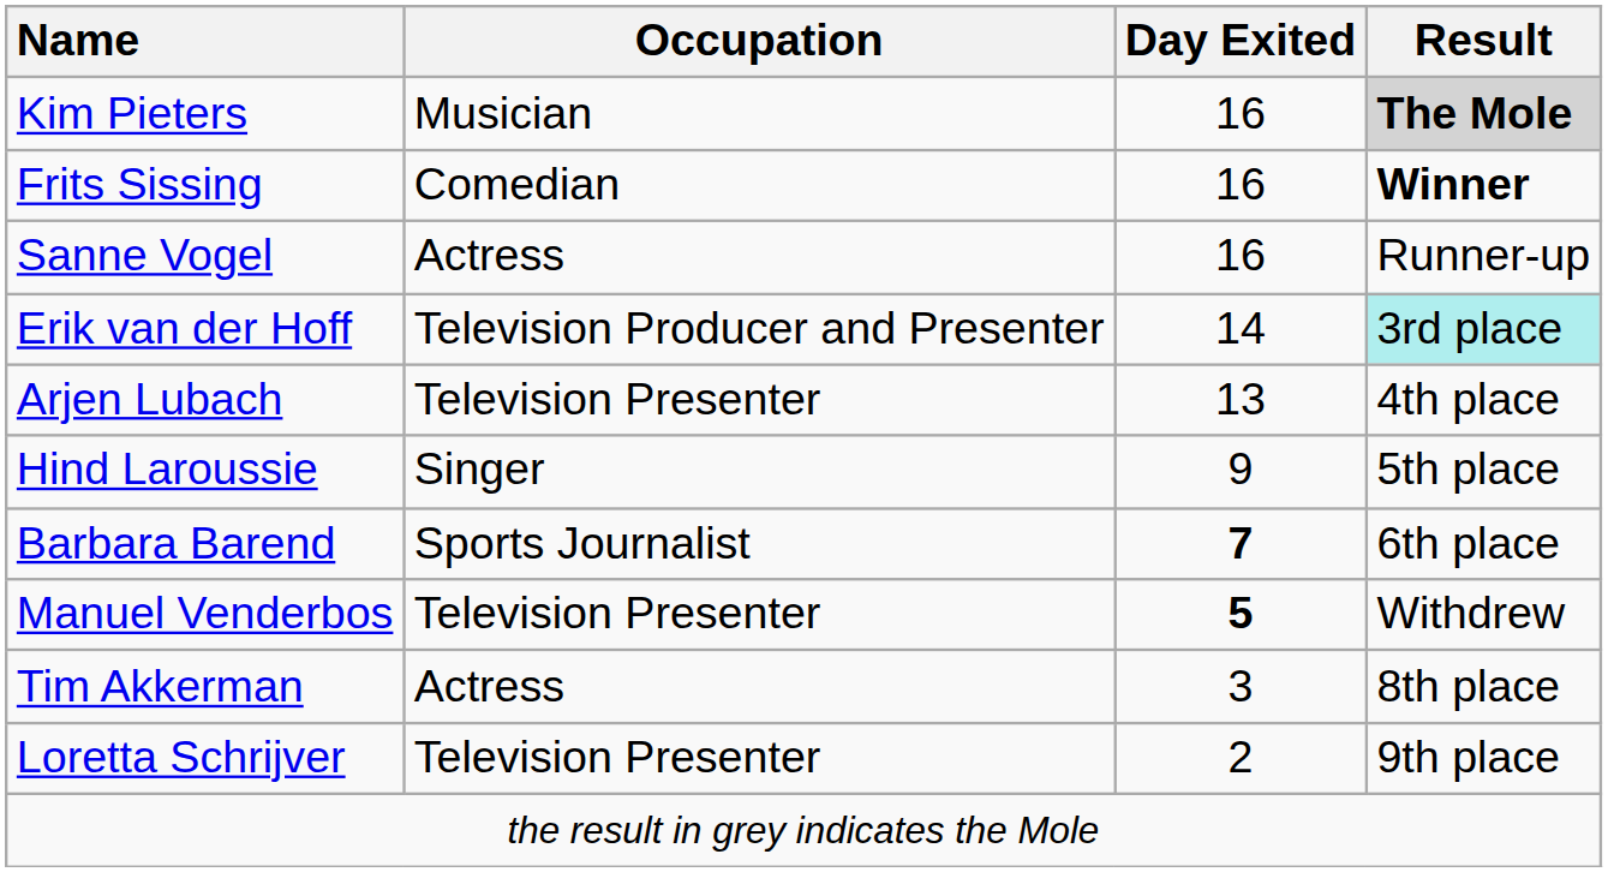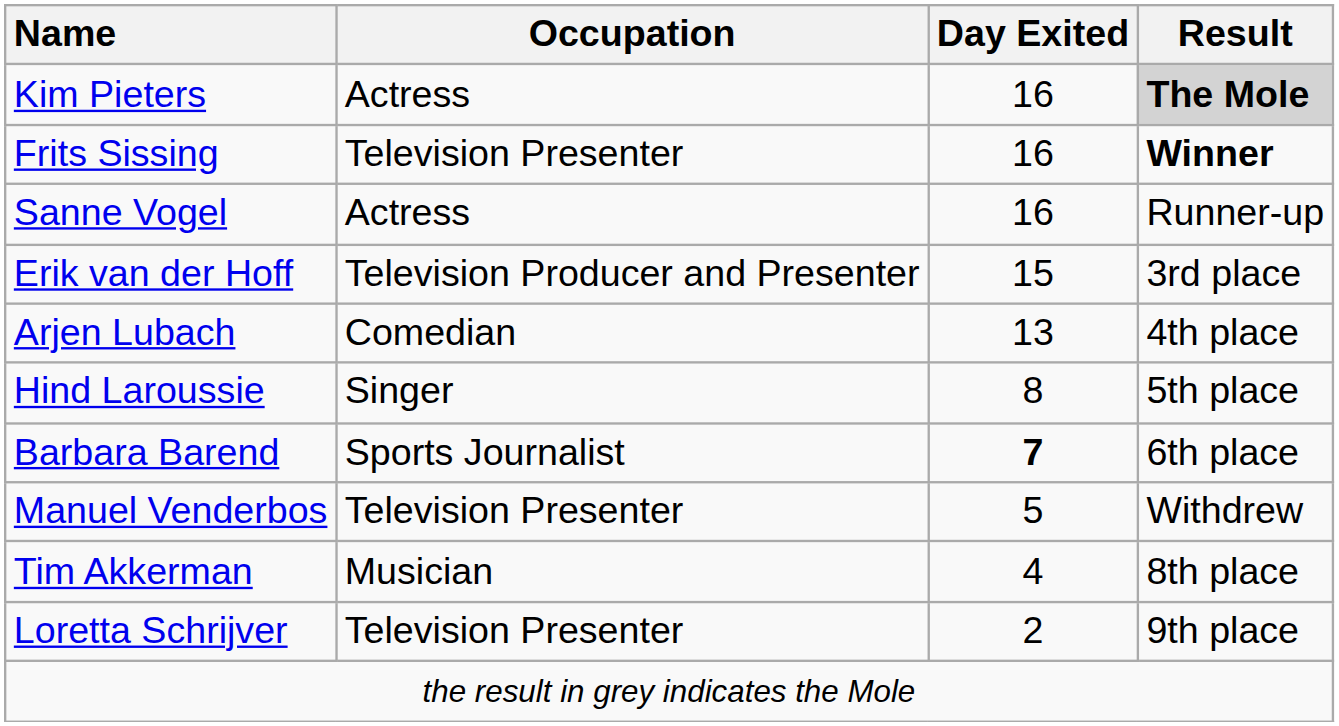 <table class="wikitable sortable">
 <tr>
 <th style="text-align:left">Name</th>
 <th style="text-align:center">Occupation</th>
 <th style="text-align:center">Day Exited</th>
 <th style="text-align:center">Result</th>
 </tr>
 <tr>
 <td><a href='#'>Kim Pieters</a></td>
-<td style="text-align:left">Musician</td>
+<td style="text-align:left">Actress</td>
 <td style="text-align:center">16</td>
 <td style=background:lightgray;><strong>The Mole</strong></td>
 </tr>
 <tr>
 <td><a href='#'>Frits Sissing</a></td>
-<td style="text-align:left">Comedian</td>
+<td style="text-align:left">Television Presenter</td>
 <td style="text-align:center">16</td>
 <td><strong>Winner</strong></td>
 </tr>
 <tr>
 <td><a href='#'>Sanne Vogel</a></td>
 <td style="text-align:left">Actress</td>
 <td style="text-align:center">16</td>
 <td>Runner-up</td>
 </tr>
 <tr>
 <td><a href='#'>Erik van der Hoff</a></td>
 <td style="text-align:left">Television Producer and Presenter</td>
-<td style="text-align:center">14</td>
-<td style="background: paleturquoise;">3rd place</td>
+<td style="text-align:center">15</td>
+<td>3rd place</td>
 </tr>
 <tr>
 <td><a href='#'>Arjen Lubach</a></td>
-<td style="text-align:left">Television Presenter</td>
+<td style="text-align:left">Comedian</td>
 <td style="text-align:center">13</td>
 <td>4th place</td>
 </tr>
 <tr>
 <td><a href='#'>Hind Laroussie</a></td>
 <td style="text-align:left">Singer</td>
-<td style="text-align:center">9</td>
+<td style="text-align:center">8</td>
 <td>5th place</td>
 </tr>
 <tr>
 <td><a href='#'>Barbara Barend</a></td>
 <td style="text-align:left">Sports Journalist</td>
 <td style="text-align:center"><strong>7</strong></td>
 <td>6th place</td>
 </tr>
 <tr>
 <td><a href='#'>Manuel Venderbos</a></td>
 <td style="text-align:left">Television Presenter</td>
-<td style="text-align:center"><strong>5</strong></td>
+<td style="text-align:center">5</td>
 <td>Withdrew</td>
 </tr>
 <tr>
 <td><a href='#'>Tim Akkerman</a></td>
-<td style="text-align:left">Actress</td>
-<td style="text-align:center">3</td>
+<td style="text-align:left">Musician</td>
+<td style="text-align:center">4</td>
 <td>8th place</td>
 </tr>
 <tr>
 <td><a href='#'>Loretta Schrijver</a></td>
 <td style="text-align:left">Television Presenter</td>
 <td style="text-align:center">2</td>
 <td>9th place</td>
 </tr>
 <tr>
 <td colspan="4" ; style="text-align:center"><small><em>the result in grey indicates the Mole</em></small></td>
 </tr>
 <tr>
 </tr>
 </table>
